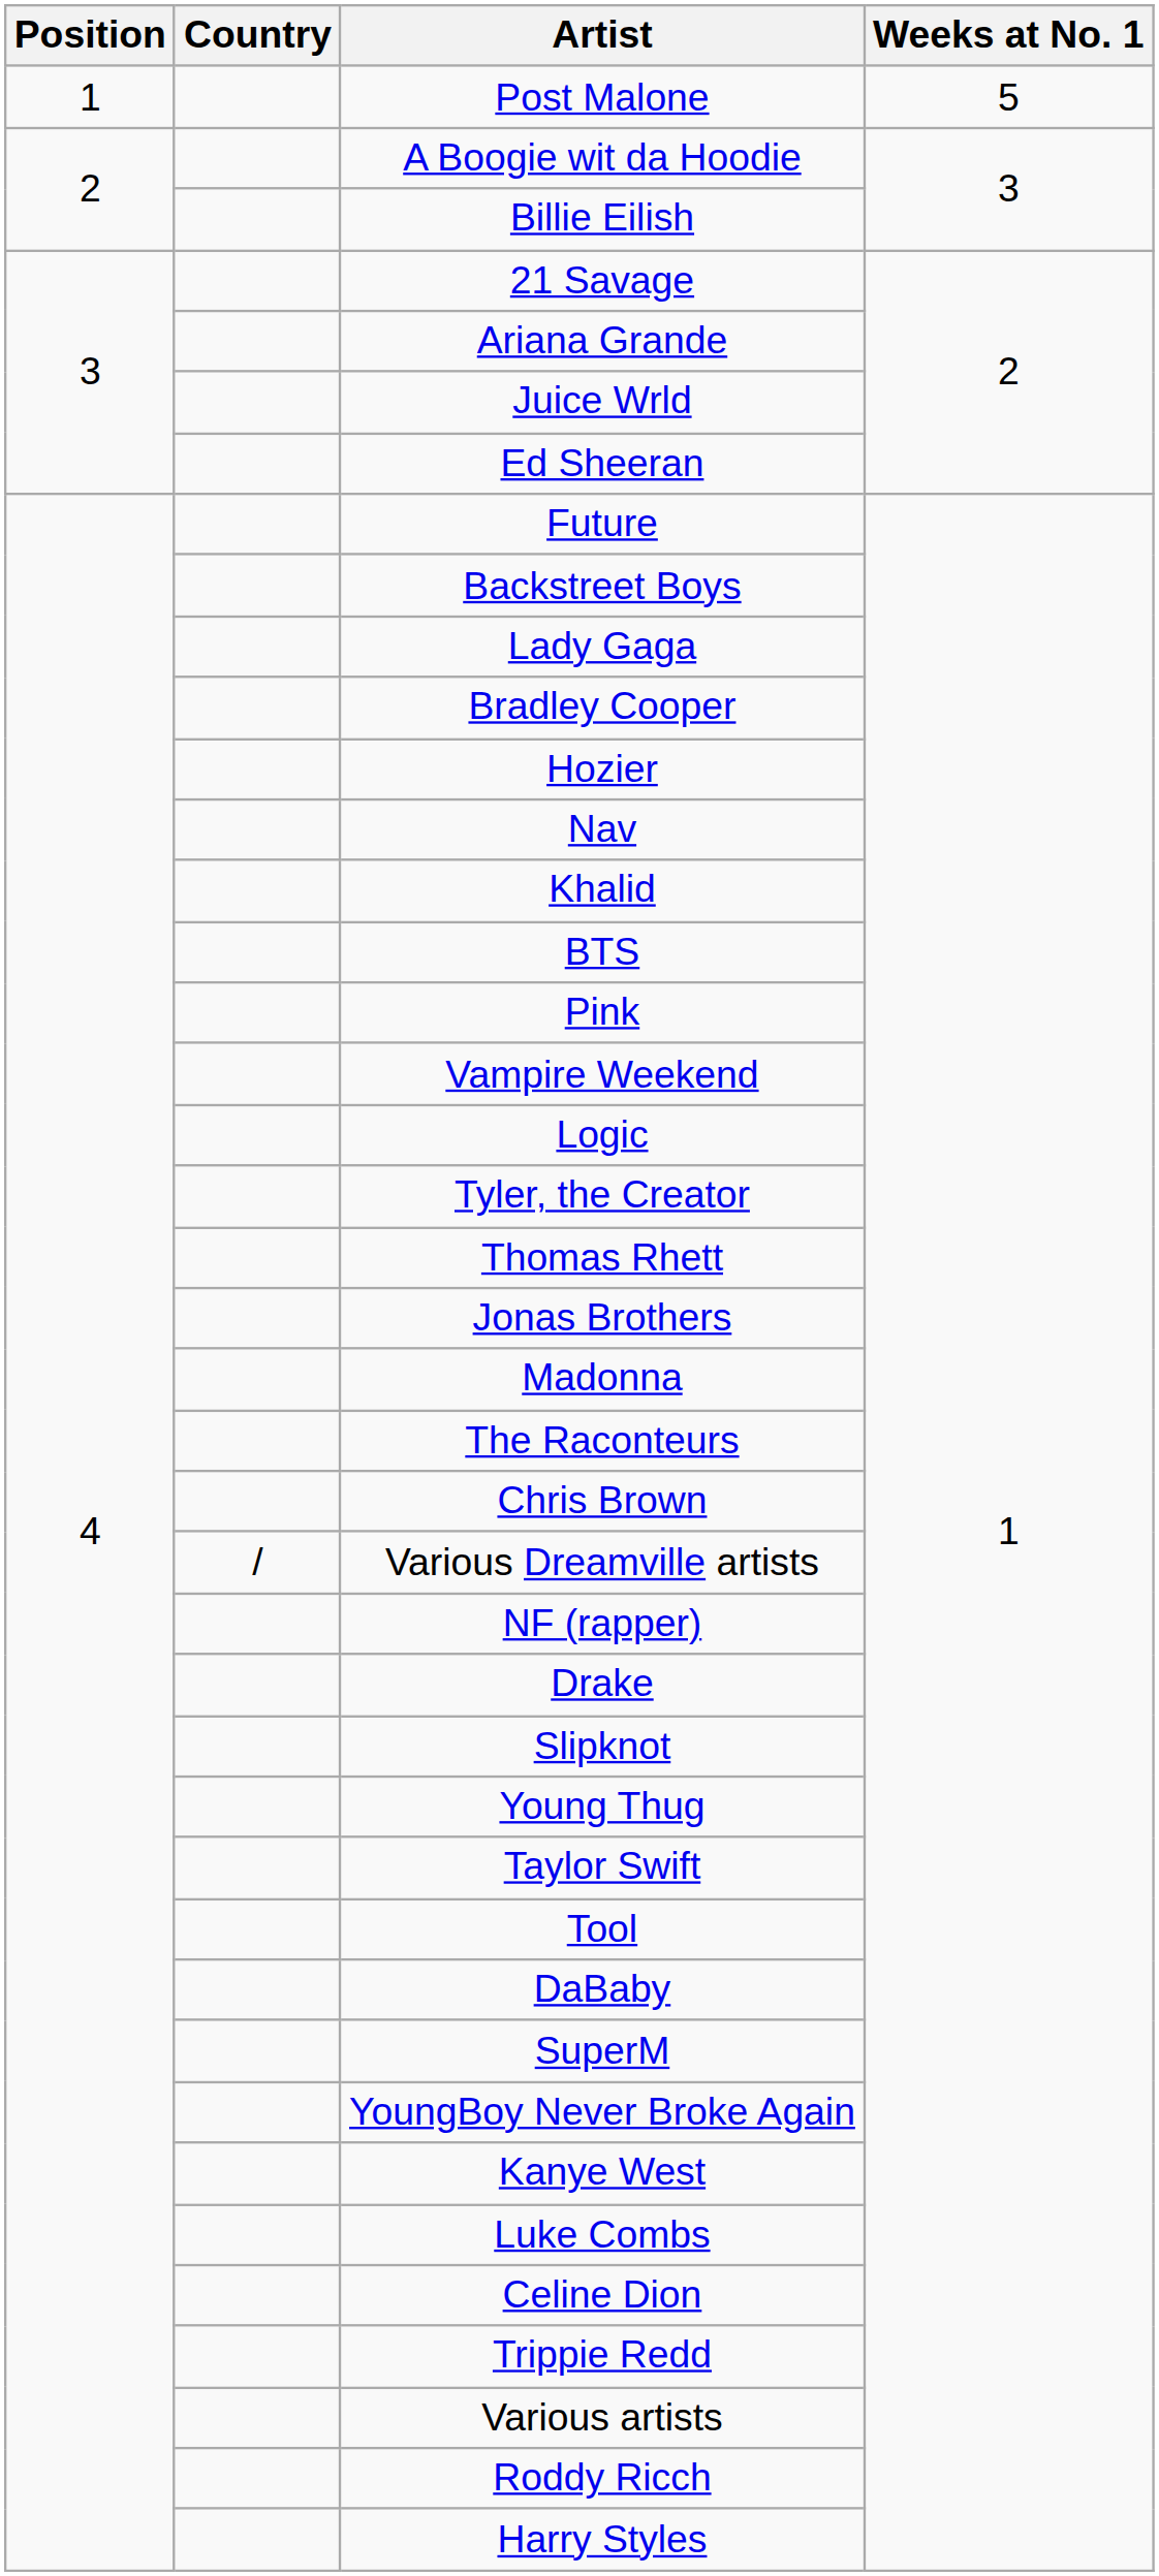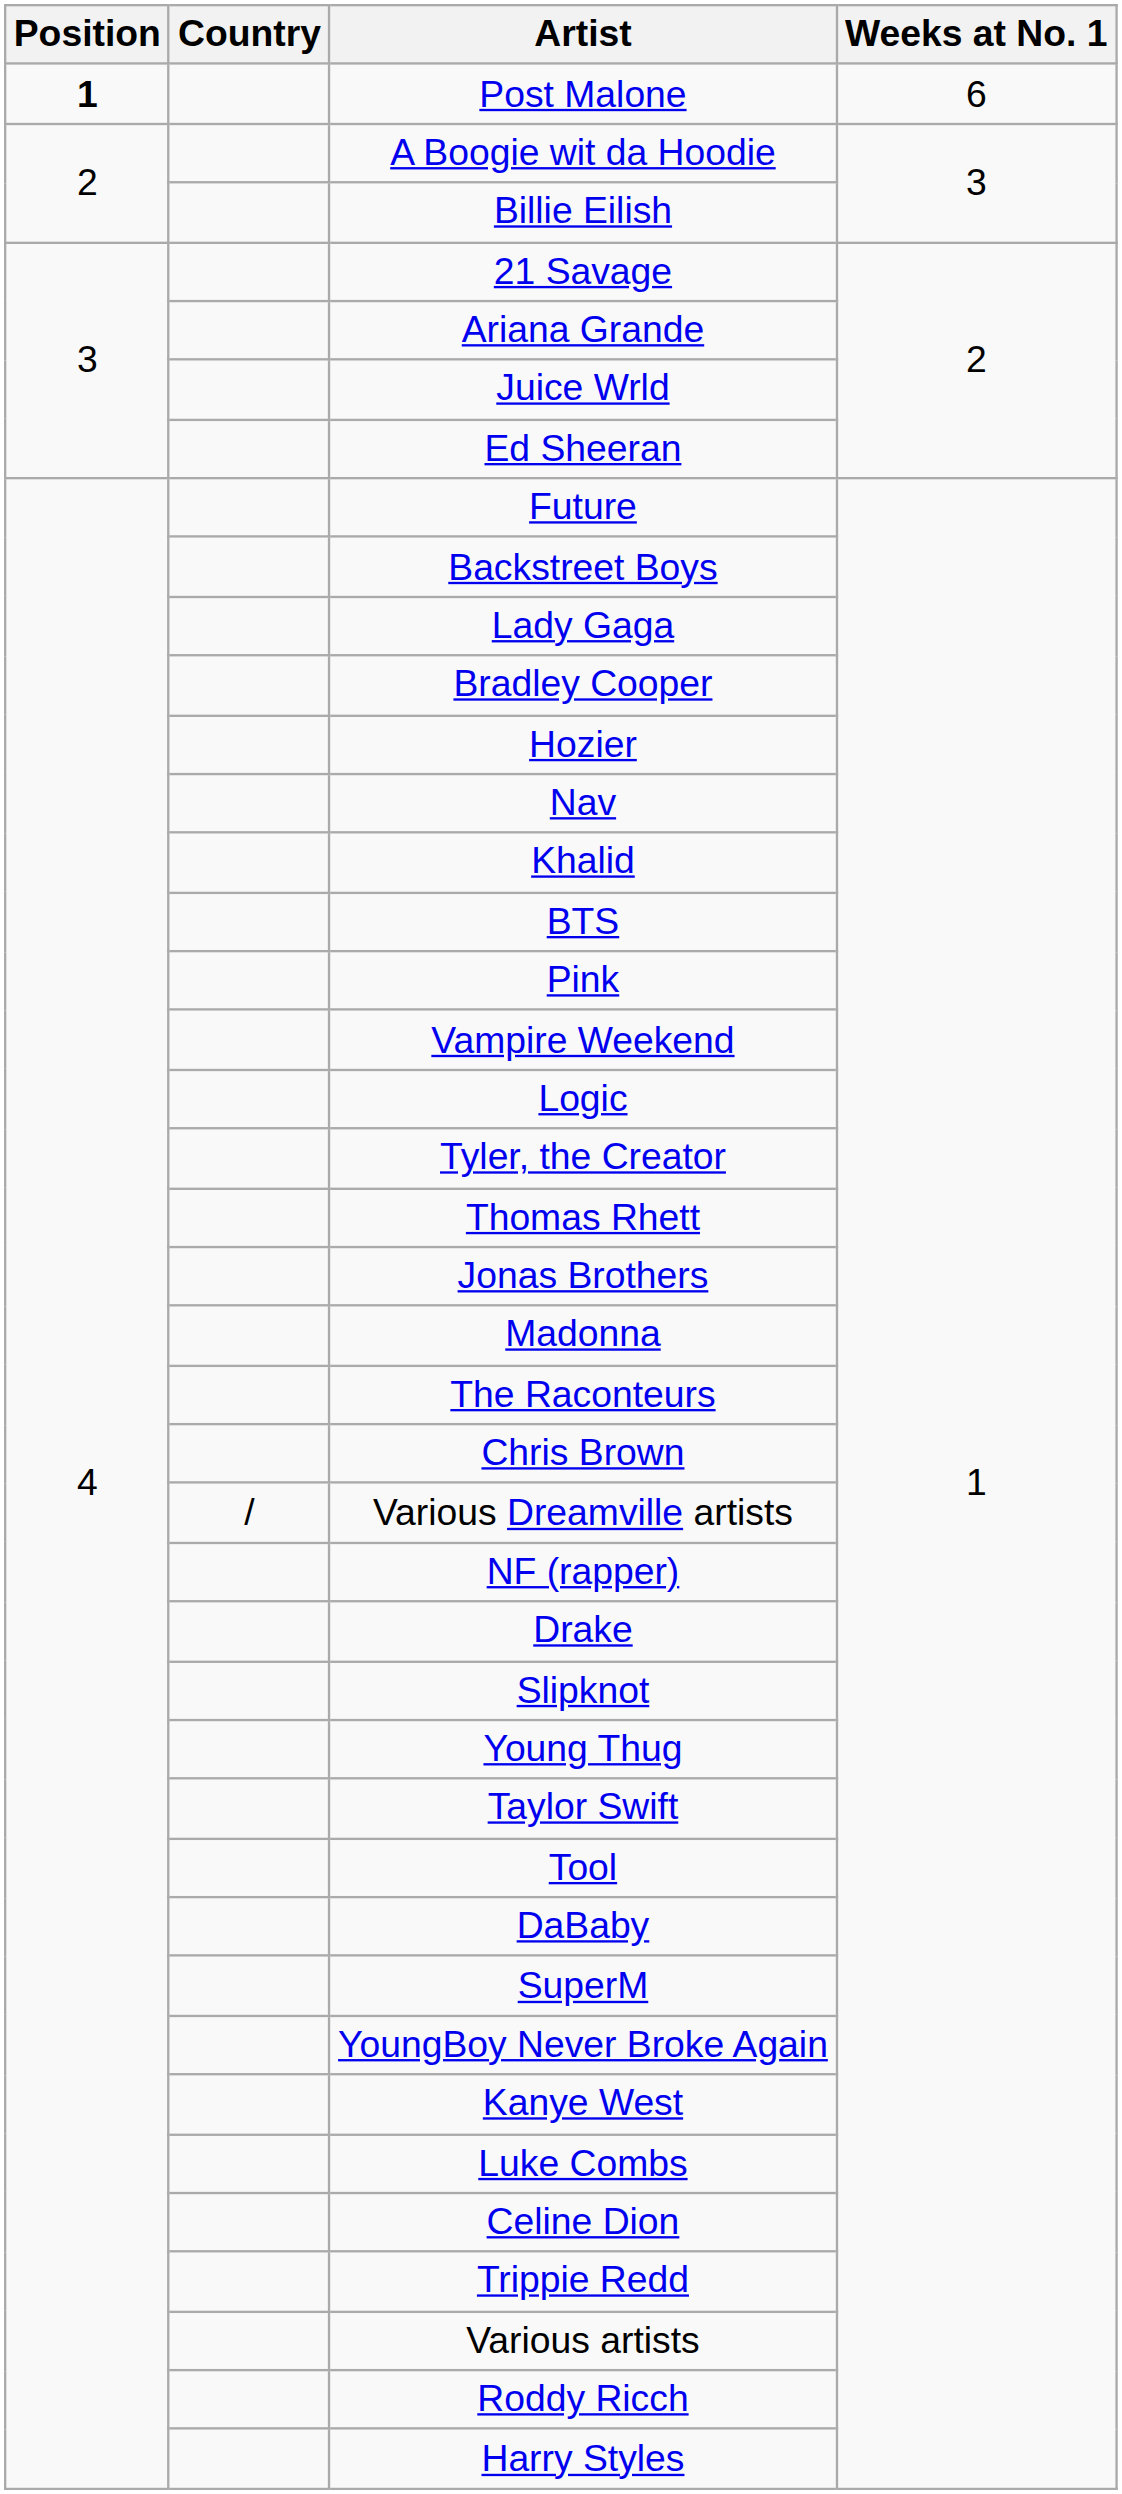 <table class="wikitable plainrowheaders" style="text-align:center;">
 <tr>
 <th>Position </th>
 <th>Country</th>
 <th>Artist</th>
 <th>Weeks at No. 1</th>
 </tr>
 <tr>
-<td>1</td>
+<td><strong>1</strong></td>
 <td></td>
 <td><a href='#'>Post Malone</a></td>
-<td>5</td>
+<td>6</td>
 </tr>
 <tr>
 <td rowspan="2">2</td>
 <td></td>
 <td><a href='#'>A Boogie wit da Hoodie</a></td>
 <td rowspan="2">3</td>
 </tr>
 <tr>
 <td></td>
 <td><a href='#'>Billie Eilish</a></td>
 </tr>
 <tr>
 <td rowspan="4">3</td>
 <td></td>
 <td><a href='#'>21 Savage</a></td>
 <td rowspan="4">2</td>
 </tr>
 <tr>
 <td></td>
 <td><a href='#'>Ariana Grande</a></td>
 </tr>
 <tr>
 <td></td>
 <td><a href='#'>Juice Wrld</a></td>
 </tr>
 <tr>
 <td></td>
 <td><a href='#'>Ed Sheeran</a></td>
 </tr>
 <tr>
 <td rowspan="34">4</td>
 <td></td>
 <td><a href='#'>Future</a></td>
 <td rowspan="34">1</td>
 </tr>
 <tr>
 <td></td>
 <td><a href='#'>Backstreet Boys</a></td>
 </tr>
 <tr>
 <td></td>
 <td><a href='#'>Lady Gaga</a></td>
 </tr>
 <tr>
 <td></td>
 <td><a href='#'>Bradley Cooper</a></td>
 </tr>
 <tr>
 <td></td>
 <td><a href='#'>Hozier</a></td>
 </tr>
 <tr>
 <td></td>
 <td><a href='#'>Nav</a></td>
 </tr>
 <tr>
 <td></td>
 <td><a href='#'>Khalid</a></td>
 </tr>
 <tr>
 <td></td>
 <td><a href='#'>BTS</a></td>
 </tr>
 <tr>
 <td></td>
 <td><a href='#'>Pink</a></td>
 </tr>
 <tr>
 <td></td>
 <td><a href='#'>Vampire Weekend</a></td>
 </tr>
 <tr>
 <td></td>
 <td><a href='#'>Logic</a></td>
 </tr>
 <tr>
 <td></td>
 <td><a href='#'>Tyler, the Creator</a></td>
 </tr>
 <tr>
 <td></td>
 <td><a href='#'>Thomas Rhett</a></td>
 </tr>
 <tr>
 <td></td>
 <td><a href='#'>Jonas Brothers</a></td>
 </tr>
 <tr>
 <td></td>
 <td><a href='#'>Madonna</a></td>
 </tr>
 <tr>
 <td></td>
 <td><a href='#'>The Raconteurs</a></td>
 </tr>
 <tr>
 <td></td>
 <td><a href='#'>Chris Brown</a></td>
 </tr>
 <tr>
 <td>/</td>
 <td>Various <a href='#'>Dreamville</a> artists</td>
 </tr>
 <tr>
 <td></td>
 <td><a href='#'>NF (rapper)</a></td>
 </tr>
 <tr>
 <td></td>
 <td><a href='#'>Drake</a></td>
 </tr>
 <tr>
 <td></td>
 <td><a href='#'>Slipknot</a></td>
 </tr>
 <tr>
 <td></td>
 <td><a href='#'>Young Thug</a></td>
 </tr>
 <tr>
 <td></td>
 <td><a href='#'>Taylor Swift</a></td>
 </tr>
 <tr>
 <td></td>
 <td><a href='#'>Tool</a></td>
 </tr>
 <tr>
 <td></td>
 <td><a href='#'>DaBaby</a></td>
 </tr>
 <tr>
 <td></td>
 <td><a href='#'>SuperM</a></td>
 </tr>
 <tr>
 <td></td>
 <td><a href='#'>YoungBoy Never Broke Again</a></td>
 </tr>
 <tr>
 <td></td>
 <td><a href='#'>Kanye West</a></td>
 </tr>
 <tr>
 <td></td>
 <td><a href='#'>Luke Combs</a></td>
 </tr>
 <tr>
 <td></td>
 <td><a href='#'>Celine Dion</a></td>
 </tr>
 <tr>
 <td></td>
 <td><a href='#'>Trippie Redd</a></td>
 </tr>
 <tr>
 <td></td>
 <td>Various artists</td>
 </tr>
 <tr>
 <td></td>
 <td><a href='#'>Roddy Ricch</a></td>
 </tr>
 <tr>
 <td></td>
 <td><a href='#'>Harry Styles</a></td>
 </tr>
 </table>
